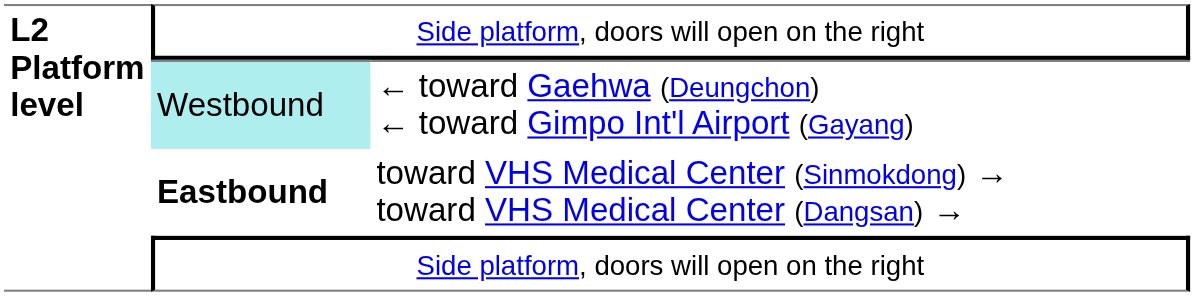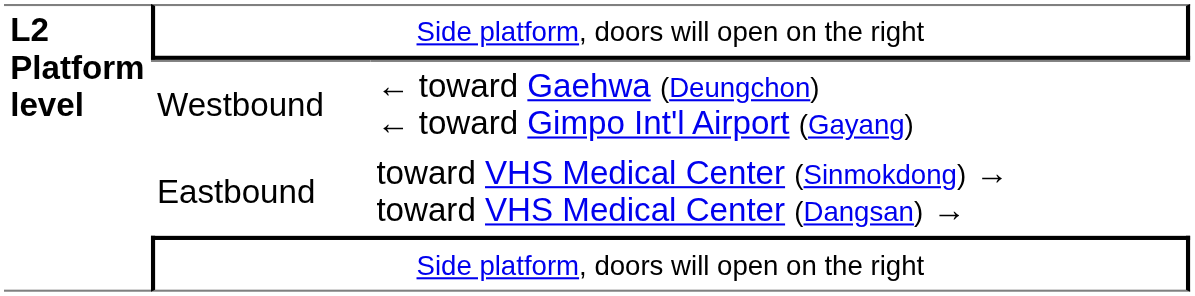 <table table border=0 cellspacing=0 cellpadding=3>
 <tr>
 <td style="border-top:solid 1px gray;border-bottom:solid 1px gray;" width=50 rowspan=10 valign=top><strong>L2<br>Platform level</strong></td>
 <td style="border-top:solid 1px gray;border-right:solid 2px black;border-left:solid 2px black;border-bottom:solid 2px black;text-align:center;" colspan=2><small><a href='#'>Side platform</a>, doors will open on the right </small></td>
 </tr>
 <tr>
-<td style="background: paleturquoise; border-bottom:solid 0px gray;border-top:solid 1px gray;" width=100>Westbound</td>
+<td style="border-bottom:solid 0px gray;border-top:solid 1px gray;" width=100>Westbound</td>
 <td style="border-bottom:solid 0px gray;border-top:solid 1px gray;" width=390>←  toward <a href='#'>Gaehwa</a> <small>(<a href='#'>Deungchon</a>)</small><br>← <span> toward <a href='#'>Gimpo Int'l Airport</a> <small>(<a href='#'>Gayang</a>)</small></span></td>
 </tr>
 <tr>
-<td><strong>Eastbound</strong></td>
+<td>Eastbound</td>
 <td>  toward <a href='#'>VHS Medical Center</a> <small>(<a href='#'>Sinmokdong</a>)</small> →<br>  toward <a href='#'>VHS Medical Center</a> <small>(<a href='#'>Dangsan</a>)</small> →</td>
 </tr>
 <tr>
 <td style="border-top:solid 2px black;border-right:solid 2px black;border-left:solid 2px black;border-bottom:solid 1px gray;text-align:center;" colspan=2><small><a href='#'>Side platform</a>, doors will open on the right </small></td>
 </tr>
 </table>
